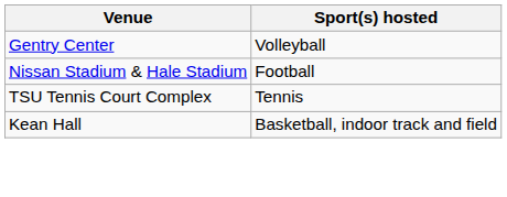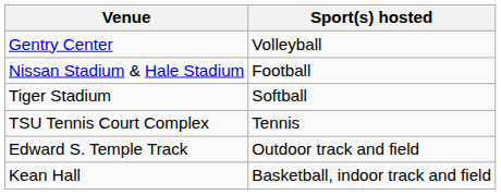 <table class="wikitable"; style= "text-align: ">
 <tr>
 <th width=px>Venue</th>
 <th width=px>Sport(s) hosted</th>
 </tr>
 <tr>
 <td><a href='#'>Gentry Center</a></td>
 <td>Volleyball</td>
 </tr>
 <tr>
 <td><a href='#'>Nissan Stadium</a> & <a href='#'>Hale Stadium</a></td>
 <td>Football</td>
 </tr>
 <tr>
+<td>Tiger Stadium</td>
+<td>Softball</td>
+</tr>
+<tr>
 <td>TSU Tennis Court Complex</td>
 <td>Tennis</td>
+</tr>
+<tr>
+<td>Edward S. Temple Track</td>
+<td>Outdoor track and field</td>
 </tr>
 <tr>
 <td>Kean Hall</td>
 <td>Basketball, indoor track and field</td>
 </tr>
 </table>
